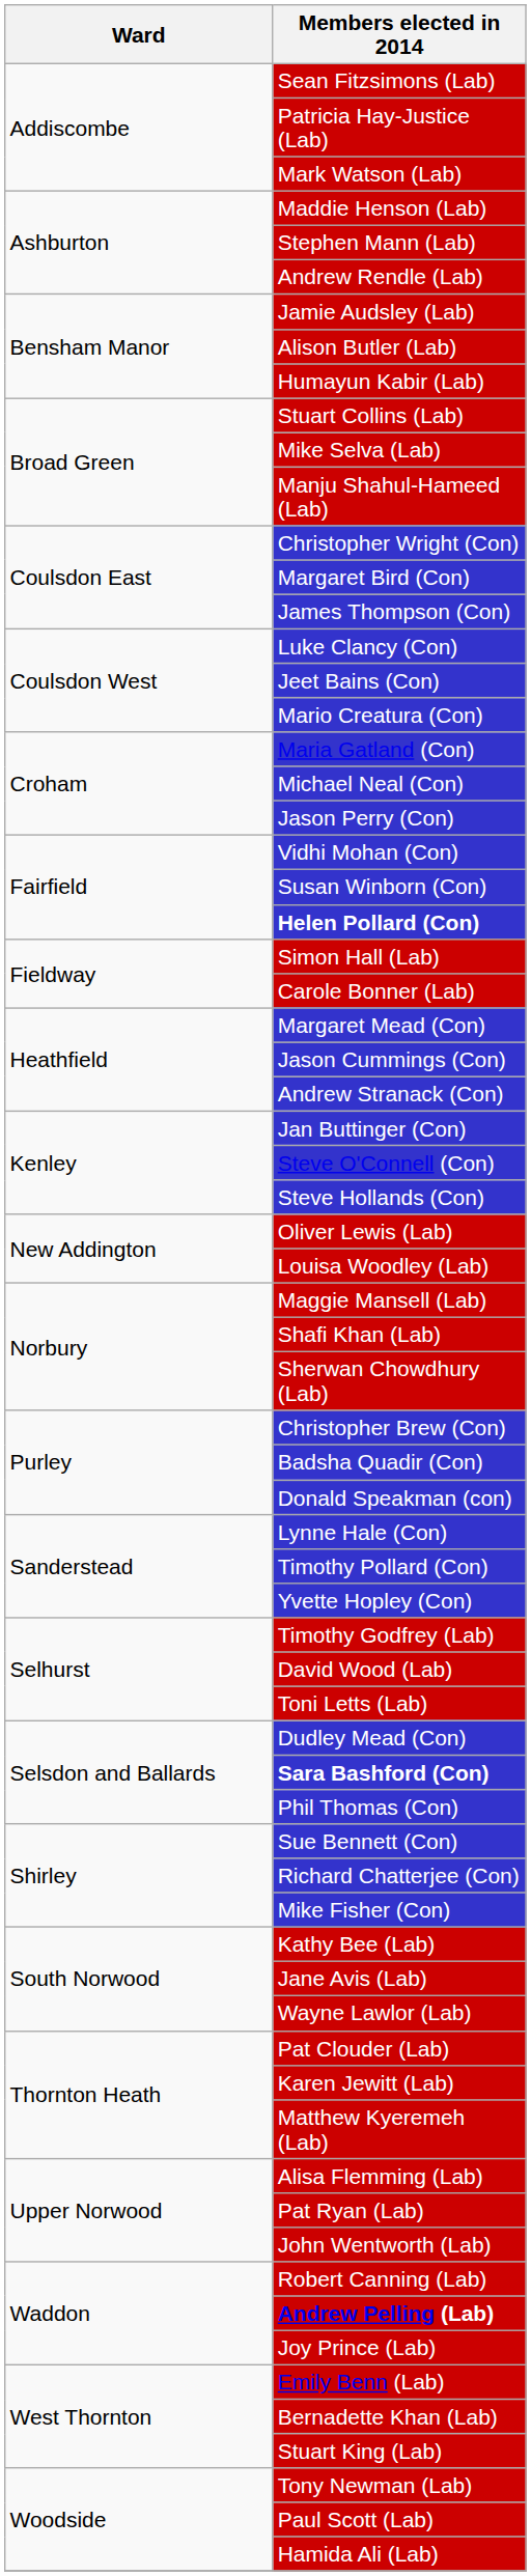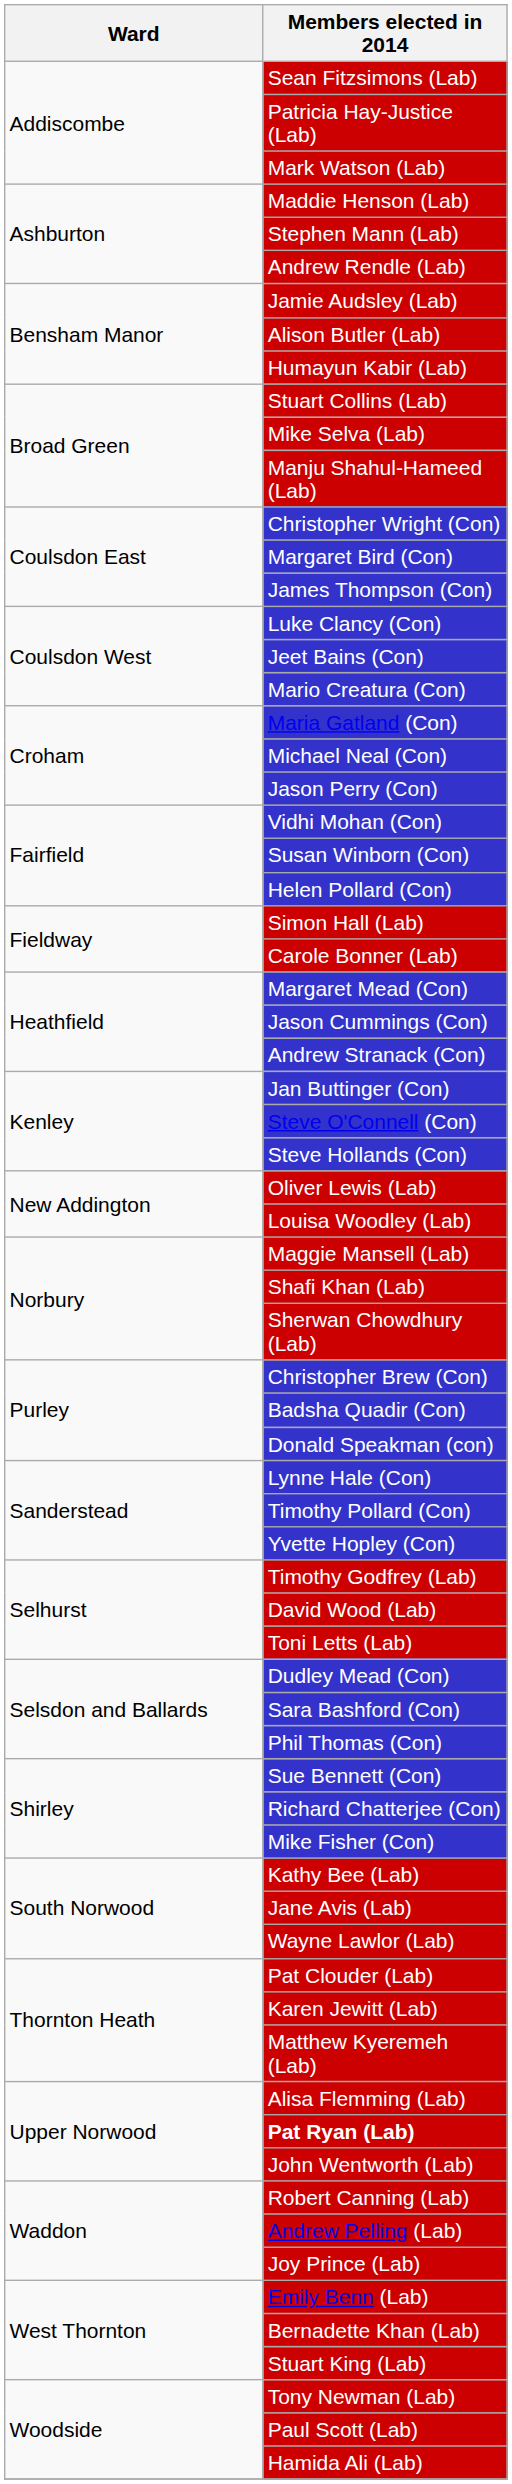 <table class="wikitable" style="background: #f9f9f9; font-size: 95%; clear:both">
 <tr>
 <th width=180>Ward</th>
 <th width=170>Members elected in 2014</th>
 </tr>
 <tr>
 <td rowspan=3>Addiscombe</td>
 <td style="background:#cc0000; color:white">Sean Fitzsimons (Lab)</td>
 </tr>
 <tr>
 <td style="background:#cc0000; color:white">Patricia Hay-Justice (Lab)</td>
 </tr>
 <tr>
 <td style="background:#cc0000; color:white">Mark Watson (Lab)</td>
 </tr>
 <tr>
 <td rowspan=3>Ashburton</td>
 <td style="background:#cc0000; color:white">Maddie Henson (Lab)</td>
 </tr>
 <tr>
 <td style="background:#cc0000; color:white">Stephen Mann (Lab)</td>
 </tr>
 <tr>
 <td style="background:#cc0000; color:white">Andrew Rendle (Lab)</td>
 </tr>
 <tr>
 <td rowspan=3>Bensham Manor</td>
 <td style="background:#cc0000; color:white">Jamie Audsley (Lab)</td>
 </tr>
 <tr>
 <td style="background:#cc0000; color:white">Alison Butler (Lab)</td>
 </tr>
 <tr>
 <td style="background:#cc0000; color:white">Humayun Kabir (Lab)</td>
 </tr>
 <tr>
 <td rowspan=3>Broad Green</td>
 <td style="background:#cc0000; color:white">Stuart Collins (Lab)</td>
 </tr>
 <tr>
 <td style="background:#cc0000; color:white">Mike Selva (Lab)</td>
 </tr>
 <tr>
 <td style="background:#cc0000; color:white">Manju Shahul-Hameed (Lab)</td>
 </tr>
 <tr>
 <td rowspan=3>Coulsdon East</td>
 <td style="background:#3333cc; color:white">Christopher Wright (Con)</td>
 </tr>
 <tr>
 <td style="background:#3333cc; color:white">Margaret Bird (Con)</td>
 </tr>
 <tr>
 <td style="background:#3333cc; color:white">James Thompson (Con)</td>
 </tr>
 <tr>
 <td rowspan=3>Coulsdon West</td>
 <td style="background:#3333cc; color:white">Luke Clancy (Con)</td>
 </tr>
 <tr>
 <td style="background:#3333cc; color:white">Jeet Bains (Con)</td>
 </tr>
 <tr>
 <td style="background:#3333cc; color:white">Mario Creatura (Con)</td>
 </tr>
 <tr>
 <td rowspan=3>Croham</td>
 <td style="background:#3333cc; color:white"><a href='#'>Maria Gatland</a> (Con)</td>
 </tr>
 <tr>
 <td style="background:#3333cc; color:white">Michael Neal (Con)</td>
 </tr>
 <tr>
 <td style="background:#3333cc; color:white">Jason Perry (Con)</td>
 </tr>
 <tr>
 <td rowspan=3>Fairfield</td>
 <td style="background:#3333cc; color:white">Vidhi Mohan (Con)</td>
 </tr>
 <tr>
 <td style="background:#3333cc; color:white">Susan Winborn (Con)</td>
 </tr>
 <tr>
-<td style="background:#3333cc; color:white"><strong>Helen Pollard (Con)</strong></td>
+<td style="background:#3333cc; color:white">Helen Pollard (Con)</td>
 </tr>
 <tr>
 <td rowspan=2>Fieldway</td>
 <td style="background:#cc0000; color:white">Simon Hall (Lab)</td>
 </tr>
 <tr>
 <td style="background:#cc0000; color:white">Carole Bonner (Lab)</td>
 </tr>
 <tr>
 <td rowspan=3>Heathfield</td>
 <td style="background:#3333cc; color:white">Margaret Mead (Con)</td>
 </tr>
 <tr>
 <td style="background:#3333cc; color:white">Jason Cummings (Con)</td>
 </tr>
 <tr>
 <td style="background:#3333cc; color:white">Andrew Stranack (Con)</td>
 </tr>
 <tr>
 <td rowspan=3>Kenley</td>
 <td style="background:#3333cc; color:white">Jan Buttinger (Con)</td>
 </tr>
 <tr>
 <td style="background:#3333cc; color:white"><a href='#'>Steve O'Connell</a> (Con)</td>
 </tr>
 <tr>
 <td style="background:#3333cc; color:white">Steve Hollands (Con)</td>
 </tr>
 <tr>
 <td rowspan=2>New Addington</td>
 <td style="background:#cc0000; color:white">Oliver Lewis (Lab)</td>
 </tr>
 <tr>
 <td style="background:#cc0000; color:white">Louisa Woodley (Lab)</td>
 </tr>
 <tr>
 <td rowspan=3>Norbury</td>
 <td style="background:#cc0000; color:white">Maggie Mansell (Lab)</td>
 </tr>
 <tr>
 <td style="background:#cc0000; color:white">Shafi Khan (Lab)</td>
 </tr>
 <tr>
 <td style="background:#cc0000; color:white">Sherwan Chowdhury (Lab)</td>
 </tr>
 <tr>
 <td rowspan=3>Purley</td>
 <td style="background:#3333cc; color:white">Christopher Brew (Con)</td>
 </tr>
 <tr>
 <td style="background:#3333cc; color:white">Badsha Quadir (Con)</td>
 </tr>
 <tr>
 <td style="background:#3333cc; color:white">Donald Speakman (con)</td>
 </tr>
 <tr>
 <td rowspan=3>Sanderstead</td>
 <td style="background:#3333cc; color:white">Lynne Hale (Con)</td>
 </tr>
 <tr>
 <td style="background:#3333cc; color:white">Timothy Pollard (Con)</td>
 </tr>
 <tr>
 <td style="background:#3333cc; color:white">Yvette Hopley (Con)</td>
 </tr>
 <tr>
 <td rowspan=3>Selhurst</td>
 <td style="background:#cc0000; color:white">Timothy Godfrey (Lab)</td>
 </tr>
 <tr>
 <td style="background:#cc0000; color:white">David Wood (Lab)</td>
 </tr>
 <tr>
 <td style="background:#cc0000; color:white">Toni Letts (Lab)</td>
 </tr>
 <tr>
 <td rowspan=3>Selsdon and Ballards</td>
 <td style="background:#3333cc; color:white">Dudley Mead (Con)</td>
 </tr>
 <tr>
-<td style="background:#3333cc; color:white"><strong>Sara Bashford (Con)</strong></td>
+<td style="background:#3333cc; color:white">Sara Bashford (Con)</td>
 </tr>
 <tr>
 <td style="background:#3333cc; color:white">Phil Thomas (Con)</td>
 </tr>
 <tr>
 <td rowspan=3>Shirley</td>
 <td style="background:#3333cc; color:white">Sue Bennett (Con)</td>
 </tr>
 <tr>
 <td style="background:#3333cc; color:white">Richard Chatterjee (Con)</td>
 </tr>
 <tr>
 <td style="background:#3333cc; color:white">Mike Fisher (Con)</td>
 </tr>
 <tr>
 <td rowspan=3>South Norwood</td>
 <td style="background:#cc0000; color:white">Kathy Bee (Lab)</td>
 </tr>
 <tr>
 <td style="background:#cc0000; color:white">Jane Avis (Lab)</td>
 </tr>
 <tr>
 <td style="background:#cc0000; color:white">Wayne Lawlor (Lab)</td>
 </tr>
 <tr>
 <td rowspan=3>Thornton Heath</td>
 <td style="background:#cc0000; color:white">Pat Clouder (Lab)</td>
 </tr>
 <tr>
 <td style="background:#cc0000; color:white">Karen Jewitt (Lab)</td>
 </tr>
 <tr>
 <td style="background:#cc0000; color:white">Matthew Kyeremeh (Lab)</td>
 </tr>
 <tr>
 <td rowspan=3>Upper Norwood</td>
 <td style="background:#cc0000; color:white">Alisa Flemming (Lab)</td>
 </tr>
 <tr>
-<td style="background:#cc0000; color:white">Pat Ryan (Lab)</td>
+<td style="background:#cc0000; color:white"><strong>Pat Ryan (Lab)</strong></td>
 </tr>
 <tr>
 <td style="background:#cc0000; color:white">John Wentworth (Lab)</td>
 </tr>
 <tr>
 <td rowspan=3>Waddon</td>
 <td style="background:#cc0000; color:white">Robert Canning (Lab)</td>
 </tr>
 <tr>
-<td style="background:#cc0000; color:white"><strong><a href='#'>Andrew Pelling</a> (Lab)</strong></td>
+<td style="background:#cc0000; color:white"><a href='#'>Andrew Pelling</a> (Lab)</td>
 </tr>
 <tr>
 <td style="background:#cc0000; color:white">Joy Prince (Lab)</td>
 </tr>
 <tr>
 <td rowspan=3>West Thornton</td>
 <td style="background:#cc0000; color:white"><a href='#'>Emily Benn</a> (Lab)</td>
 </tr>
 <tr>
 <td style="background:#cc0000; color:white">Bernadette Khan (Lab)</td>
 </tr>
 <tr>
 <td style="background:#cc0000; color:white">Stuart King (Lab)</td>
 </tr>
 <tr>
 <td rowspan=3>Woodside</td>
 <td style="background:#cc0000; color:white">Tony Newman (Lab)</td>
 </tr>
 <tr>
 <td style="background:#cc0000; color:white">Paul Scott (Lab)</td>
 </tr>
 <tr>
 <td style="background:#cc0000; color:white">Hamida Ali (Lab)</td>
 </tr>
 <tr>
 </tr>
 </table>
